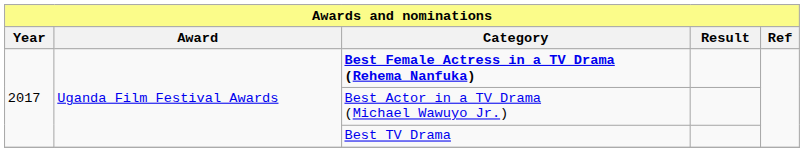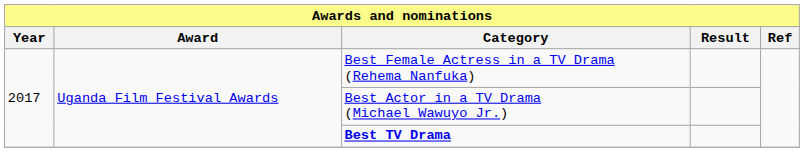 <table class="wikitable" width="60%">
 <tr>
 <th colspan="5" style="background: #FBFC8A;">Awards and nominations</th>
 </tr>
 <tr style="background:#ccc; text-align:center;">
 <th>Year</th>
 <th>Award</th>
 <th>Category</th>
 <th>Result</th>
 <th>Ref</th>
 </tr>
 <tr>
 <td rowspan ="3">2017</td>
 <td rowspan ="3"><a href='#'>Uganda Film Festival Awards</a></td>
-<td><strong><a href='#'>Best Female Actress in a TV Drama</a><br> (<a href='#'>Rehema Nanfuka</a>)</strong></td>
+<td><a href='#'>Best Female Actress in a TV Drama</a><br> (<a href='#'>Rehema Nanfuka</a>)</td>
 <td></td>
 <td rowspan ="3"></td>
 </tr>
 <tr>
 <td><a href='#'>Best Actor in a TV Drama</a> <br> (<a href='#'>Michael Wawuyo Jr.</a>)</td>
 <td></td>
 </tr>
 <tr>
-<td><a href='#'>Best TV Drama</a></td>
+<td><strong><a href='#'>Best TV Drama</a></strong></td>
 <td></td>
 </tr>
 <tr>
 </tr>
 </table>
